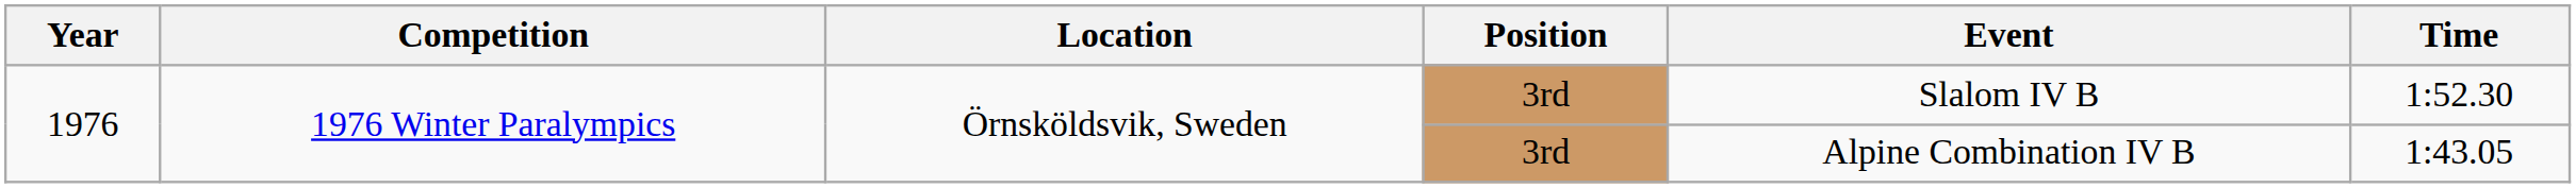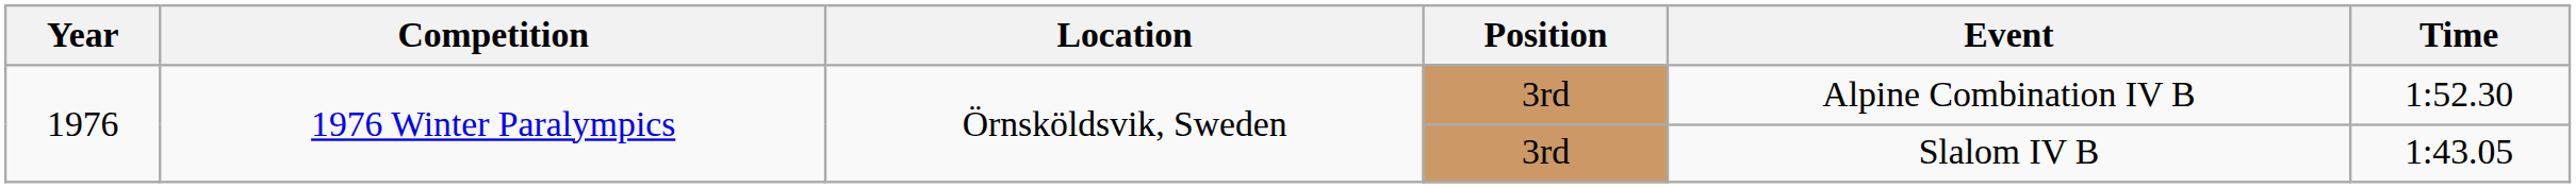 <table class="wikitable" width=65% style="font-size:90%; text-align:center;">
 <tr>
 <th>Year</th>
 <th>Competition</th>
 <th>Location</th>
 <th>Position</th>
 <th>Event</th>
 <th>Time</th>
 </tr>
 <tr>
 <td rowspan=2>1976</td>
 <td rowspan=2><a href='#'>1976 Winter Paralympics</a></td>
 <td rowspan=2>Örnsköldsvik, Sweden</td>
 <td bgcolor=cc9966>3rd</td>
-<td>Slalom IV B</td>
+<td>Alpine Combination IV B</td>
 <td>1:52.30</td>
 </tr>
 <tr>
 <td bgcolor=cc9966>3rd</td>
-<td>Alpine Combination IV B</td>
+<td>Slalom IV B</td>
 <td>1:43.05</td>
 </tr>
 </table>
